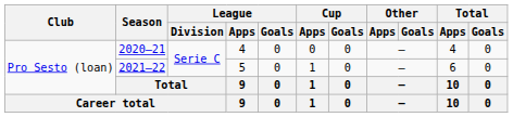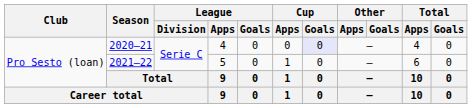 <table class="wikitable" style="text-align:center">
 <tr>
 <th rowspan="2">Club</th>
 <th rowspan="2">Season</th>
 <th colspan="3">League</th>
 <th colspan="2">Cup</th>
 <th colspan="2">Other</th>
 <th colspan="2">Total</th>
 </tr>
 <tr>
 <th>Division</th>
 <th>Apps</th>
 <th>Goals</th>
 <th>Apps</th>
 <th>Goals</th>
 <th>Apps</th>
 <th>Goals</th>
 <th>Apps</th>
 <th>Goals</th>
 </tr>
 <tr>
 <td rowspan="3"><a href='#'>Pro Sesto</a> (loan)</td>
 <td><a href='#'>2020–21</a></td>
 <td rowspan="2"><a href='#'>Serie C</a></td>
 <td>4</td>
 <td>0</td>
 <td>0</td>
-<td>0</td>
+<td style="background: lavender;">0</td>
 <td colspan="2">—</td>
 <td>4</td>
 <td>0</td>
 </tr>
 <tr>
 <td><a href='#'>2021–22</a></td>
 <td>5</td>
 <td>0</td>
 <td>1</td>
 <td>0</td>
 <td colspan="2">—</td>
 <td>6</td>
 <td>0</td>
 </tr>
 <tr>
 <th colspan="2">Total</th>
 <th>9</th>
 <th>0</th>
 <th>1</th>
 <th>0</th>
 <th colspan="2">—</th>
 <th>10</th>
 <th>0</th>
 </tr>
 <tr>
 <th colspan="3">Career total</th>
 <th>9</th>
 <th>0</th>
 <th>1</th>
 <th>0</th>
 <th colspan="2">—</th>
 <th>10</th>
 <th>0</th>
 </tr>
 </table>
